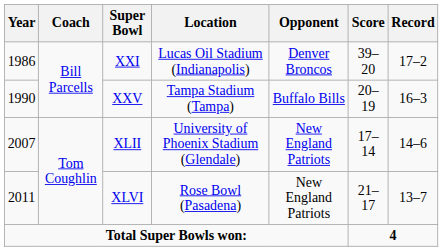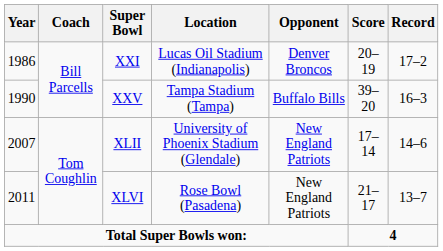 <table class="wikitable" style="width:80%;text-align:center">
 <tr>
 <th>Year</th>
 <th>Coach</th>
 <th>Super Bowl</th>
 <th>Location</th>
 <th>Opponent</th>
 <th>Score</th>
 <th>Record</th>
 </tr>
 <tr>
 <td>1986</td>
 <td rowspan="2"><a href='#'>Bill Parcells</a></td>
 <td><a href='#'>XXI</a></td>
 <td><a href='#'>Lucas Oil Stadium</a> (<a href='#'>Indianapolis</a>)</td>
 <td><a href='#'>Denver Broncos</a></td>
-<td>39–20</td>
+<td>20–19</td>
 <td>17–2</td>
 </tr>
 <tr>
 <td>1990</td>
 <td><a href='#'>XXV</a></td>
 <td><a href='#'>Tampa Stadium</a> (<a href='#'>Tampa</a>)</td>
 <td><a href='#'>Buffalo Bills</a></td>
-<td>20–19</td>
+<td>39–20</td>
 <td>16–3</td>
 </tr>
 <tr>
 <td>2007</td>
 <td rowspan="2"><a href='#'>Tom Coughlin</a></td>
 <td><a href='#'>XLII</a></td>
 <td><a href='#'>University of Phoenix Stadium</a> (<a href='#'>Glendale</a>)</td>
 <td><a href='#'>New England Patriots</a></td>
 <td>17–14</td>
 <td>14–6</td>
 </tr>
 <tr>
 <td>2011</td>
 <td><a href='#'>XLVI</a></td>
 <td><a href='#'>Rose Bowl</a> (<a href='#'>Pasadena</a>)</td>
 <td>New England Patriots</td>
 <td>21–17</td>
 <td>13–7</td>
 </tr>
 <tr>
 <td colspan="5"><strong>Total Super Bowls won:</strong></td>
 <td colspan="2"><strong>4</strong></td>
 </tr>
 </table>
